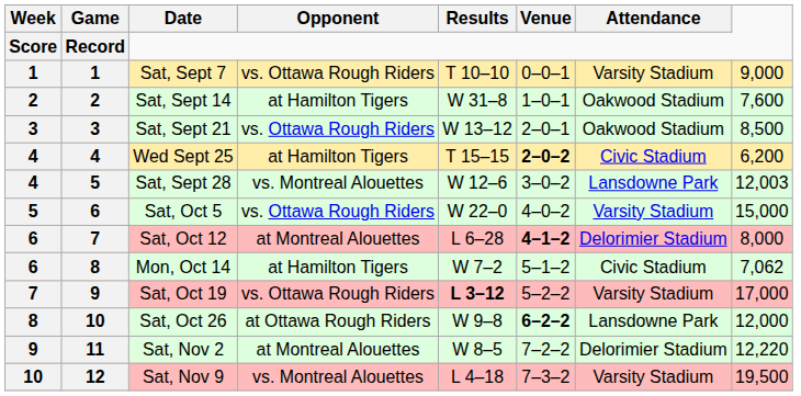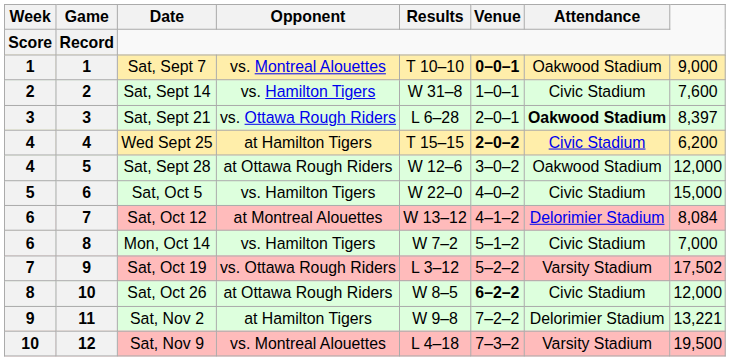 <table class="wikitable" style="text-align:center">
 <tr>
 <th>Week</th>
 <th>Game</th>
 <th>Date</th>
 <th>Opponent</th>
 <th>Results</th>
 <th>Venue</th>
 <th>Attendance</th>
 </tr>
 <tr>
 <th>Score</th>
 <th>Record</th>
 </tr>
 <tr style="background:#ffeeaa">
 <th>1</th>
 <th>1</th>
 <td>Sat, Sept 7</td>
-<td>vs. Ottawa Rough Riders</td>
+<td>vs. <a href='#'>Montreal Alouettes</a></td>
 <td>T 10–10</td>
-<td>0–0–1</td>
-<td>Varsity Stadium</td>
+<td><strong>0–0–1</strong></td>
+<td>Oakwood Stadium</td>
 <td>9,000</td>
 </tr>
 <tr style="background:#ddffdd">
 <th>2</th>
 <th>2</th>
 <td>Sat, Sept 14</td>
-<td>at Hamilton Tigers</td>
+<td>vs. <a href='#'>Hamilton Tigers</a></td>
 <td>W 31–8</td>
 <td>1–0–1</td>
-<td>Oakwood Stadium</td>
+<td>Civic Stadium</td>
 <td>7,600</td>
 </tr>
 <tr style="background:#ddffdd">
 <th>3</th>
 <th>3</th>
 <td>Sat, Sept 21</td>
 <td>vs. <a href='#'>Ottawa Rough Riders</a></td>
-<td>W 13–12</td>
+<td>L 6–28</td>
 <td>2–0–1</td>
-<td>Oakwood Stadium</td>
-<td>8,500</td>
+<td><strong>Oakwood Stadium</strong></td>
+<td>8,397</td>
 </tr>
 <tr style="background:#ffeeaa">
 <th>4</th>
 <th>4</th>
 <td>Wed Sept 25</td>
 <td>at Hamilton Tigers</td>
 <td>T 15–15</td>
 <td><strong>2–0–2</strong></td>
 <td><a href='#'>Civic Stadium</a></td>
 <td>6,200</td>
 </tr>
 <tr style="background:#ddffdd">
 <th>4</th>
 <th>5</th>
 <td>Sat, Sept 28</td>
-<td>vs. Montreal Alouettes</td>
+<td>at Ottawa Rough Riders</td>
 <td>W 12–6</td>
 <td>3–0–2</td>
-<td><a href='#'>Lansdowne Park</a></td>
-<td>12,003</td>
+<td>Oakwood Stadium</td>
+<td>12,000</td>
 </tr>
 <tr style="background:#ddffdd">
 <th>5</th>
 <th>6</th>
 <td>Sat, Oct 5</td>
-<td>vs. <a href='#'>Ottawa Rough Riders</a></td>
+<td>vs. Hamilton Tigers</td>
 <td>W 22–0</td>
 <td>4–0–2</td>
-<td><a href='#'>Varsity Stadium</a></td>
+<td>Civic Stadium</td>
 <td>15,000</td>
 </tr>
 <tr style="background:#ffbbbb">
 <th>6</th>
 <th>7</th>
 <td>Sat, Oct 12</td>
 <td>at Montreal Alouettes</td>
-<td>L 6–28</td>
-<td><strong>4–1–2</strong></td>
+<td>W 13–12</td>
+<td>4–1–2</td>
 <td><a href='#'>Delorimier Stadium</a></td>
-<td>8,000</td>
+<td>8,084</td>
 </tr>
 <tr style="background:#ddffdd">
 <th>6</th>
 <th>8</th>
 <td>Mon, Oct 14</td>
-<td>at Hamilton Tigers</td>
+<td>vs. Hamilton Tigers</td>
 <td>W 7–2</td>
 <td>5–1–2</td>
 <td>Civic Stadium</td>
-<td>7,062</td>
+<td>7,000</td>
 </tr>
 <tr style="background:#ffbbbb">
 <th>7</th>
 <th>9</th>
 <td>Sat, Oct 19</td>
 <td>vs. Ottawa Rough Riders</td>
-<td><strong>L 3–12</strong></td>
+<td>L 3–12</td>
 <td>5–2–2</td>
 <td>Varsity Stadium</td>
-<td>17,000</td>
+<td>17,502</td>
 </tr>
 <tr style="background:#ddffdd">
 <th>8</th>
 <th>10</th>
 <td>Sat, Oct 26</td>
 <td>at Ottawa Rough Riders</td>
-<td>W 9–8</td>
+<td>W 8–5</td>
 <td><strong>6–2–2</strong></td>
-<td>Lansdowne Park</td>
+<td>Civic Stadium</td>
 <td>12,000</td>
 </tr>
 <tr style="background:#ddffdd">
 <th>9</th>
 <th>11</th>
 <td>Sat, Nov 2</td>
-<td>at Montreal Alouettes</td>
-<td>W 8–5</td>
+<td>at Hamilton Tigers</td>
+<td>W 9–8</td>
 <td>7–2–2</td>
 <td>Delorimier Stadium</td>
-<td>12,220</td>
+<td>13,221</td>
 </tr>
 <tr style="background:#ffbbbb">
 <th>10</th>
 <th>12</th>
 <td>Sat, Nov 9</td>
 <td>vs. Montreal Alouettes</td>
 <td>L 4–18</td>
 <td>7–3–2</td>
 <td>Varsity Stadium</td>
 <td>19,500</td>
 </tr>
 </table>
